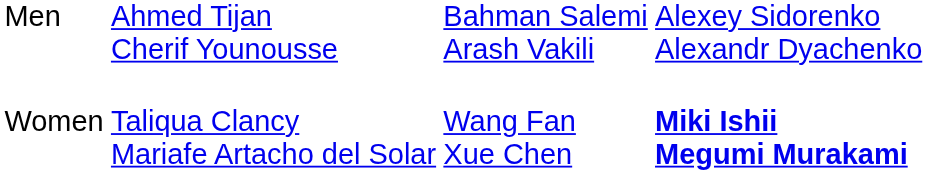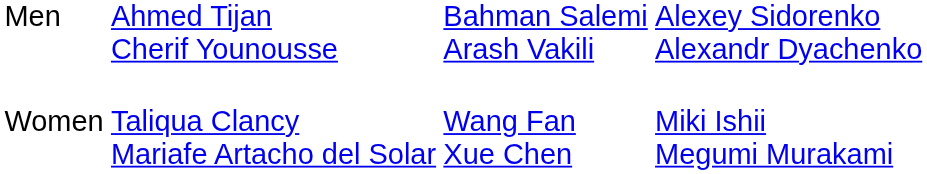 <table>
 <tr>
 <td>Men</td>
 <td><br><a href='#'>Ahmed Tijan</a><br><a href='#'>Cherif Younousse</a></td>
 <td><br><a href='#'>Bahman Salemi</a><br><a href='#'>Arash Vakili</a></td>
 <td><br><a href='#'>Alexey Sidorenko</a><br><a href='#'>Alexandr Dyachenko</a></td>
 </tr>
 <tr>
 <td>Women</td>
 <td><br><a href='#'>Taliqua Clancy</a><br><a href='#'>Mariafe Artacho del Solar</a></td>
 <td><br><a href='#'>Wang Fan</a><br><a href='#'>Xue Chen</a></td>
-<td><strong><br><a href='#'>Miki Ishii</a><br><a href='#'>Megumi Murakami</a></strong></td>
+<td><br><a href='#'>Miki Ishii</a><br><a href='#'>Megumi Murakami</a></td>
 </tr>
 </table>
